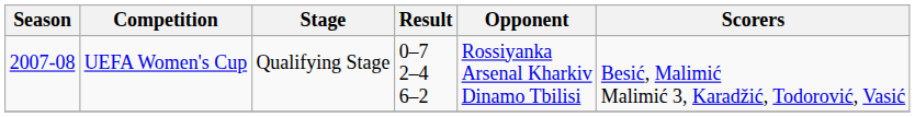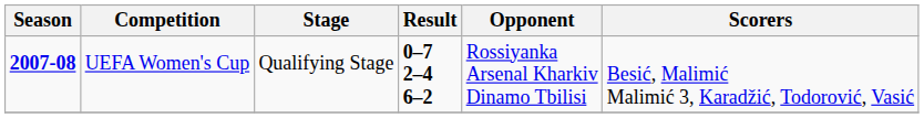 <table class="wikitable">
 <tr>
 <th>Season</th>
 <th>Competition</th>
 <th>Stage</th>
 <th>Result</th>
 <th>Opponent</th>
 <th>Scorers</th>
 </tr>
 <tr>
-<td><a href='#'>2007-08</a><br><br></td>
+<td><strong><a href='#'>2007-08</a><br><br></strong></td>
 <td><a href='#'>UEFA Women's Cup</a><br><br></td>
 <td>Qualifying Stage<br><br></td>
-<td>0–7<br>2–4<br>6–2</td>
+<td><strong>0–7<br>2–4<br>6–2</strong></td>
 <td> <a href='#'>Rossiyanka</a><br> <a href='#'>Arsenal Kharkiv</a><br> <a href='#'>Dinamo Tbilisi</a></td>
 <td><br><a href='#'>Besić</a>, <a href='#'>Malimić</a><br>Malimić 3, <a href='#'>Karadžić</a>, <a href='#'>Todorović</a>, <a href='#'>Vasić</a></td>
 </tr>
 <tr>
 </tr>
 </table>
